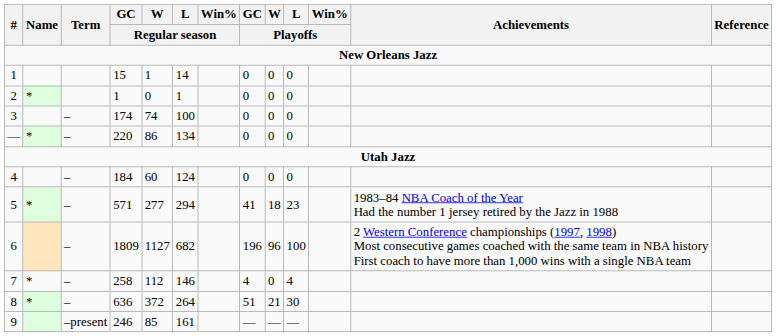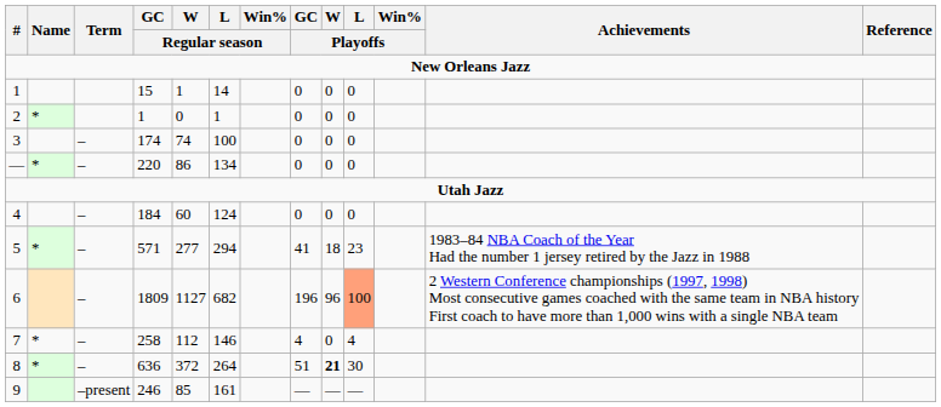 <table class="wikitable sortable">
 <tr>
 <th rowspan="2">#</th>
 <th rowspan="2">Name</th>
 <th rowspan="2">Term</th>
 <th>GC</th>
 <th>W</th>
 <th>L</th>
 <th>Win%</th>
 <th>GC</th>
 <th>W</th>
 <th>L</th>
 <th>Win%</th>
 <th rowspan="2" class=unsortable>Achievements</th>
 <th rowspan="2" class=unsortable>Reference</th>
 </tr>
 <tr class="unsortable">
 <th colspan="4">Regular season</th>
 <th colspan="4">Playoffs</th>
 </tr>
 <tr>
 <td colspan="16" align=center><strong>New Orleans Jazz</strong></td>
 </tr>
 <tr>
 <td align=center>1</td>
 <td></td>
 <td></td>
 <td>15</td>
 <td>1</td>
 <td>14</td>
 <td></td>
 <td>0</td>
 <td>0</td>
 <td>0</td>
 <td></td>
 <td></td>
 <td align=center></td>
 </tr>
 <tr>
 <td align=center>2</td>
 <td style="background-color:#ddffdd">*</td>
 <td></td>
 <td>1</td>
 <td>0</td>
 <td>1</td>
 <td></td>
 <td>0</td>
 <td>0</td>
 <td>0</td>
 <td></td>
 <td></td>
 <td align=center></td>
 </tr>
 <tr>
 <td align=center>3</td>
 <td></td>
 <td>–</td>
 <td>174</td>
 <td>74</td>
 <td>100</td>
 <td></td>
 <td>0</td>
 <td>0</td>
 <td>0</td>
 <td></td>
 <td></td>
 <td align=center></td>
 </tr>
 <tr>
 <td align=center>—</td>
 <td style="background-color:#ddffdd">*</td>
 <td>–</td>
 <td>220</td>
 <td>86</td>
 <td>134</td>
 <td></td>
 <td>0</td>
 <td>0</td>
 <td>0</td>
 <td></td>
 <td></td>
 <td align=center></td>
 </tr>
 <tr>
 <td colspan="16" align=center><strong>Utah Jazz</strong></td>
 </tr>
 <tr>
 <td align=center>4</td>
 <td></td>
 <td>–</td>
 <td>184</td>
 <td>60</td>
 <td>124</td>
 <td></td>
 <td>0</td>
 <td>0</td>
 <td>0</td>
 <td></td>
 <td></td>
 <td align=center></td>
 </tr>
 <tr>
 <td align=center>5</td>
 <td style="background-color:#ddffdd">*</td>
 <td>–</td>
 <td>571</td>
 <td>277</td>
 <td>294</td>
 <td></td>
 <td>41</td>
 <td>18</td>
 <td>23</td>
 <td></td>
 <td>1983–84 <a href='#'>NBA Coach of the Year</a><br>Had the number 1 jersey retired by the Jazz in 1988</td>
 <td align=center></td>
 </tr>
 <tr>
 <td align=center>6</td>
 <td style="background-color:#FFE6BD"></td>
 <td>–</td>
 <td>1809</td>
 <td>1127</td>
 <td>682</td>
 <td></td>
 <td>196</td>
 <td>96</td>
-<td>100</td>
+<td style="background: lightsalmon;">100</td>
 <td></td>
 <td>2 <a href='#'>Western Conference</a> championships (<a href='#'>1997</a>, <a href='#'>1998</a>)<br>Most consecutive games coached with the same team in NBA history<br>First coach to have more than 1,000 wins with a single NBA team</td>
 <td align=center></td>
 </tr>
 <tr>
 <td align=center>7</td>
 <td style="background-color:#">*</td>
 <td>–</td>
 <td>258</td>
 <td>112</td>
 <td>146</td>
 <td></td>
 <td>4</td>
 <td>0</td>
 <td>4</td>
 <td></td>
 <td></td>
 <td align=center></td>
 </tr>
 <tr>
 <td align=center>8</td>
 <td style="background-color:#ddffdd">*</td>
 <td>–</td>
 <td>636</td>
 <td>372</td>
 <td>264</td>
 <td></td>
 <td>51</td>
-<td>21</td>
+<td><strong>21</strong></td>
 <td>30</td>
 <td></td>
 <td></td>
 <td align=center></td>
 </tr>
 <tr>
 <td align=center>9</td>
 <td style="background-color:#ddffdd"><br></td>
 <td>–present</td>
 <td>246</td>
 <td>85</td>
 <td>161</td>
 <td></td>
 <td>—</td>
 <td>—</td>
 <td>—</td>
 <td></td>
 <td></td>
 <td align=center></td>
 </tr>
 </table>
